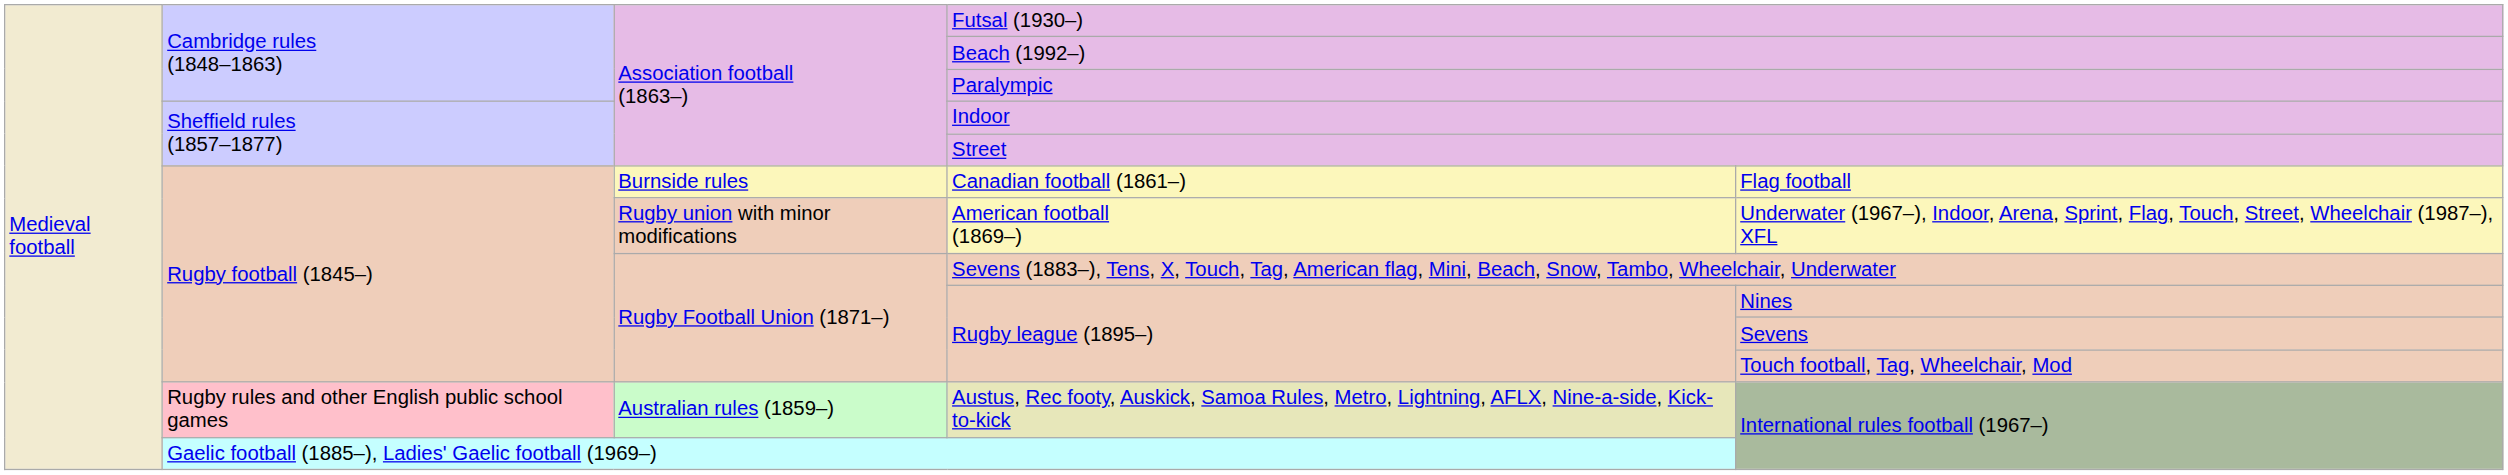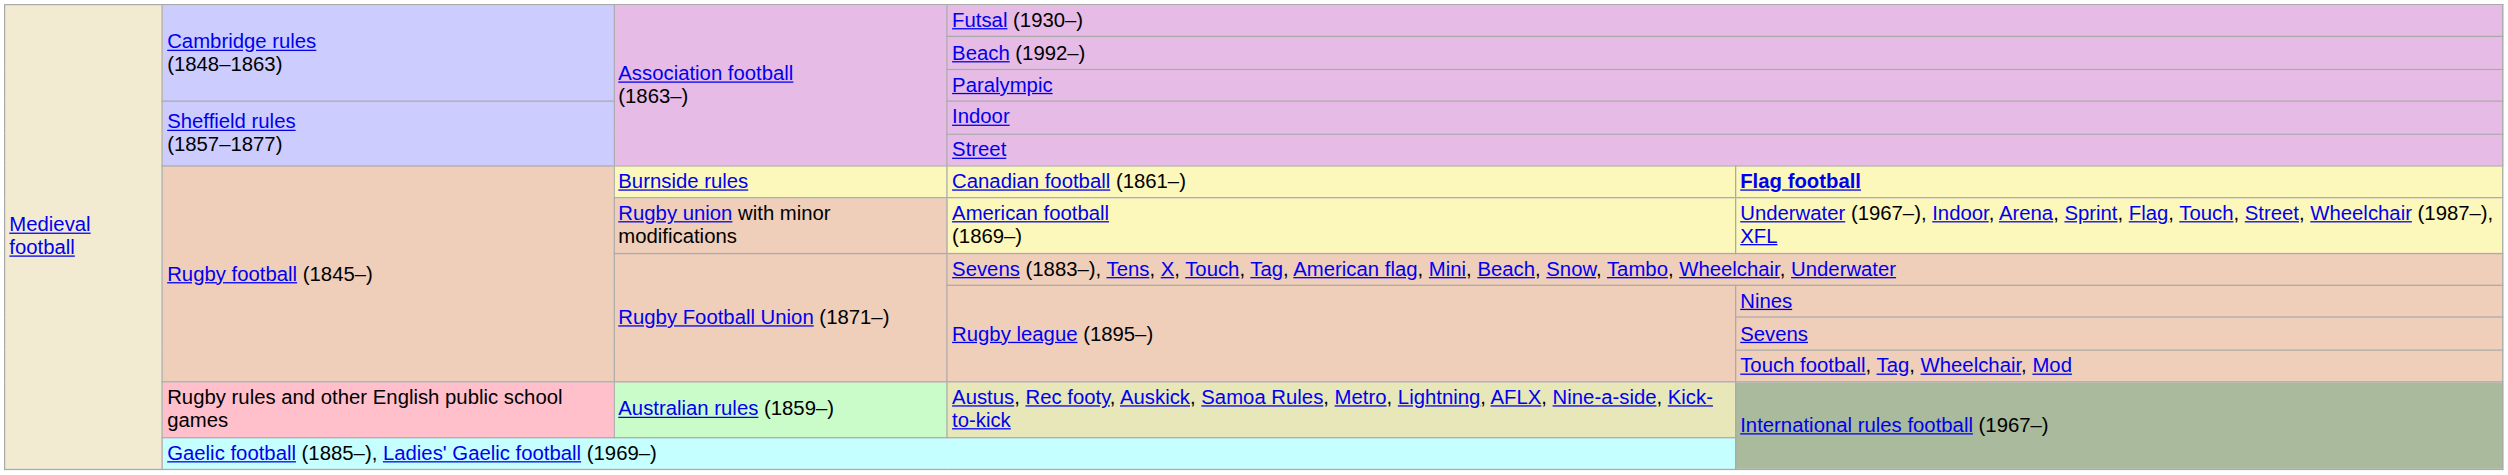 <table class="wikitable">
 <tr>
 <td rowspan="13" style="background:#F2EBD1;"><a href='#'>Medieval football</a></td>
 <td rowspan="3" style="background: #CCCCFF;"><a href='#'>Cambridge rules</a><br> (1848–1863)</td>
 <td rowspan="5" style="background: #E6BBE6;"><a href='#'>Association football</a><br>(1863–)</td>
 <td colspan="2" style="background: #E6BBE6;"><a href='#'>Futsal</a> (1930–)</td>
 </tr>
 <tr>
 <td colspan="2" style="background: #E6BBE6;"><a href='#'>Beach</a> (1992–)</td>
 </tr>
 <tr>
 <td colspan="2" style="background: #E6BBE6;"><a href='#'>Paralympic</a></td>
 </tr>
 <tr>
 <td rowspan="2" style="background: #CCCCFF;"><a href='#'>Sheffield rules</a> <br>(1857–1877)</td>
 <td colspan="2" style="background: #E6BBE6;"><a href='#'>Indoor</a></td>
 </tr>
 <tr>
 <td colspan="2" style="background: #E6BBE6;"><a href='#'>Street</a></td>
 </tr>
 <tr>
 <td rowspan="6" style="background: #EFCEBA;"><a href='#'>Rugby football</a> (1845–)</td>
 <td style="background: #FCF7BB;"><a href='#'>Burnside rules</a></td>
 <td style="background: #FCF7BB;"><a href='#'>Canadian football</a> (1861–)</td>
-<td style="background: #FCF7BB;"><a href='#'>Flag football</a></td>
+<td style="background: #FCF7BB;"><strong><a href='#'>Flag football</a></strong></td>
 </tr>
 <tr>
 <td style="background: #EFCEBA;"><a href='#'>Rugby union</a> with minor modifications</td>
 <td style="background: #FCF7BB;"><a href='#'>American football</a><br>(1869–)</td>
 <td style="background: #FCF7BB;"><a href='#'>Underwater</a> (1967–), <a href='#'>Indoor</a>, <a href='#'>Arena</a>, <a href='#'>Sprint</a>, <a href='#'>Flag</a>, <a href='#'>Touch</a>, <a href='#'>Street</a>, <a href='#'>Wheelchair</a> (1987–), <a href='#'>XFL</a></td>
 </tr>
 <tr>
 <td rowspan="4" style="background: #EFCEBA;"><a href='#'>Rugby Football Union</a> (1871–)</td>
 <td colspan="2" style="background: #EFCEBA;"><a href='#'>Sevens</a> (1883–), <a href='#'>Tens</a>, <a href='#'>X</a>, <a href='#'>Touch</a>, <a href='#'>Tag</a>, <a href='#'>American flag</a>, <a href='#'>Mini</a>, <a href='#'>Beach</a>, <a href='#'>Snow</a>, <a href='#'>Tambo</a>, <a href='#'>Wheelchair</a>, <a href='#'>Underwater</a></td>
 </tr>
 <tr>
 <td rowspan="3" style="background: #EFCEBA;"><a href='#'>Rugby league</a> (1895–)</td>
 <td style="background: #EFCEBA;"><a href='#'>Nines</a></td>
 </tr>
 <tr>
 <td style="background: #EFCEBA;"><a href='#'>Sevens</a></td>
 </tr>
 <tr>
 <td style="background: #EFCEBA;"><a href='#'>Touch football</a>, <a href='#'>Tag</a>, <a href='#'>Wheelchair</a>, <a href='#'>Mod</a></td>
 </tr>
 <tr>
 <td style="background: #FFC0CB;">Rugby rules and other English public school games</td>
 <td style="background: #CAFCCA;"><a href='#'>Australian rules</a> (1859–)</td>
 <td style="background: #E7E7BA;"><a href='#'>Austus</a>, <a href='#'>Rec footy</a>, <a href='#'>Auskick</a>, <a href='#'>Samoa Rules</a>, <a href='#'>Metro</a>, <a href='#'>Lightning</a>, <a href='#'>AFLX</a>, <a href='#'>Nine-a-side</a>, <a href='#'>Kick-to-kick</a></td>
 <td rowspan="2" style="background: #A9BA9D;"><a href='#'>International rules football</a> (1967–)</td>
 </tr>
 <tr>
 <td colspan="3" style="background: #C5FFFF;"><a href='#'>Gaelic football</a> (1885–), <a href='#'>Ladies' Gaelic football</a> (1969–)</td>
 </tr>
 </table>
